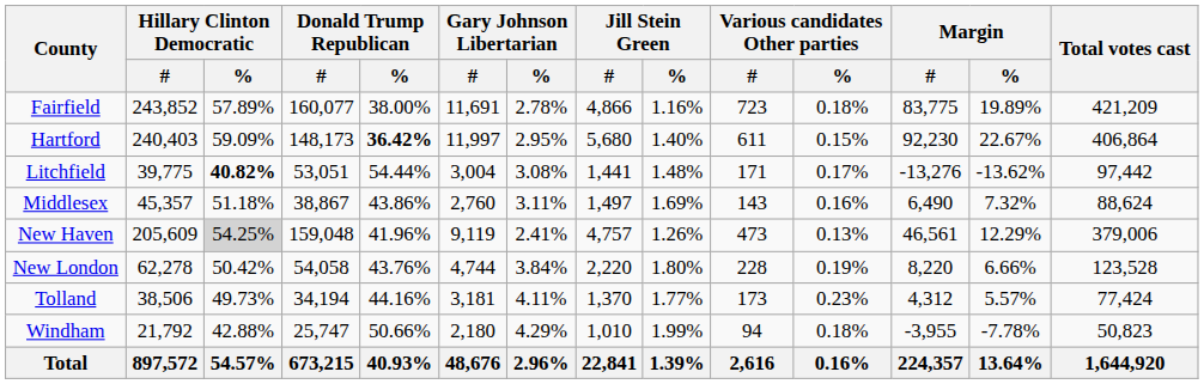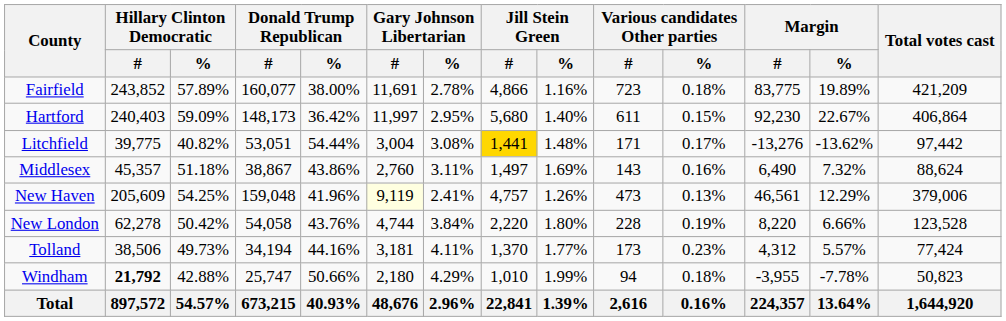 <table width="60%" class="wikitable sortable">
 <tr>
 <th rowspan="2" style="text-align:center;">County</th>
 <th style="text-align:center;" colspan="2">Hillary Clinton<br>Democratic</th>
 <th style="text-align:center;" colspan="2">Donald Trump<br>Republican</th>
 <th style="text-align:center;" colspan="2">Gary Johnson<br>Libertarian</th>
 <th style="text-align:center;" colspan="2">Jill Stein<br>Green</th>
 <th style="text-align:center;" colspan="2">Various candidates<br>Other parties</th>
 <th style="text-align:center;" colspan="2">Margin</th>
 <th style="text-align:center;" rowspan="2">Total votes cast</th>
 </tr>
 <tr>
 <th style="text-align:center;" data-sort-type="number">#</th>
 <th style="text-align:center;" data-sort-type="number">%</th>
 <th style="text-align:center;" data-sort-type="number">#</th>
 <th style="text-align:center;" data-sort-type="number">%</th>
 <th style="text-align:center;" data-sort-type="number">#</th>
 <th style="text-align:center;" data-sort-type="number">%</th>
 <th style="text-align:center;" data-sort-type="number">#</th>
 <th style="text-align:center;" data-sort-type="number">%</th>
 <th style="text-align:center;" data-sort-type="number">#</th>
 <th style="text-align:center;" data-sort-type="number">%</th>
 <th style="text-align:center;" data-sort-type="number">#</th>
 <th style="text-align:center;" data-sort-type="number">%</th>
 </tr>
 <tr style="text-align:center;">
 <td><a href='#'>Fairfield</a></td>
 <td>243,852</td>
 <td>57.89%</td>
 <td>160,077</td>
 <td>38.00%</td>
 <td>11,691</td>
 <td>2.78%</td>
 <td>4,866</td>
 <td>1.16%</td>
 <td>723</td>
 <td>0.18%</td>
 <td>83,775</td>
 <td>19.89%</td>
 <td>421,209</td>
 </tr>
 <tr style="text-align:center;">
 <td><a href='#'>Hartford</a></td>
 <td>240,403</td>
 <td>59.09%</td>
 <td>148,173</td>
-<td><strong>36.42%</strong></td>
+<td>36.42%</td>
 <td>11,997</td>
 <td>2.95%</td>
 <td>5,680</td>
 <td>1.40%</td>
 <td>611</td>
 <td>0.15%</td>
 <td>92,230</td>
 <td>22.67%</td>
 <td>406,864</td>
 </tr>
 <tr style="text-align:center;">
 <td><a href='#'>Litchfield</a></td>
 <td>39,775</td>
-<td><strong>40.82%</strong></td>
+<td>40.82%</td>
 <td>53,051</td>
 <td>54.44%</td>
 <td>3,004</td>
 <td>3.08%</td>
-<td>1,441</td>
+<td style="background: gold;">1,441</td>
 <td>1.48%</td>
 <td>171</td>
 <td>0.17%</td>
 <td>-13,276</td>
 <td>-13.62%</td>
 <td>97,442</td>
 </tr>
 <tr style="text-align:center;">
 <td><a href='#'>Middlesex</a></td>
 <td>45,357</td>
 <td>51.18%</td>
 <td>38,867</td>
 <td>43.86%</td>
 <td>2,760</td>
 <td>3.11%</td>
 <td>1,497</td>
 <td>1.69%</td>
 <td>143</td>
 <td>0.16%</td>
 <td>6,490</td>
 <td>7.32%</td>
 <td>88,624</td>
 </tr>
 <tr style="text-align:center;">
 <td><a href='#'>New Haven</a></td>
 <td>205,609</td>
-<td style="background: lightgrey;">54.25%</td>
+<td>54.25%</td>
 <td>159,048</td>
 <td>41.96%</td>
-<td>9,119</td>
+<td style="background: lightyellow;">9,119</td>
 <td>2.41%</td>
 <td>4,757</td>
 <td>1.26%</td>
 <td>473</td>
 <td>0.13%</td>
 <td>46,561</td>
 <td>12.29%</td>
 <td>379,006</td>
 </tr>
 <tr style="text-align:center;">
 <td><a href='#'>New London</a></td>
 <td>62,278</td>
 <td>50.42%</td>
 <td>54,058</td>
 <td>43.76%</td>
 <td>4,744</td>
 <td>3.84%</td>
 <td>2,220</td>
 <td>1.80%</td>
 <td>228</td>
 <td>0.19%</td>
 <td>8,220</td>
 <td>6.66%</td>
 <td>123,528</td>
 </tr>
 <tr style="text-align:center;">
 <td><a href='#'>Tolland</a></td>
 <td>38,506</td>
 <td>49.73%</td>
 <td>34,194</td>
 <td>44.16%</td>
 <td>3,181</td>
 <td>4.11%</td>
 <td>1,370</td>
 <td>1.77%</td>
 <td>173</td>
 <td>0.23%</td>
 <td>4,312</td>
 <td>5.57%</td>
 <td>77,424</td>
 </tr>
 <tr style="text-align:center;">
 <td><a href='#'>Windham</a></td>
-<td>21,792</td>
+<td><strong>21,792</strong></td>
 <td>42.88%</td>
 <td>25,747</td>
 <td>50.66%</td>
 <td>2,180</td>
 <td>4.29%</td>
 <td>1,010</td>
 <td>1.99%</td>
 <td>94</td>
 <td>0.18%</td>
 <td>-3,955</td>
 <td>-7.78%</td>
 <td>50,823</td>
 </tr>
 <tr style="text-align:center;">
 <th>Total</th>
 <th>897,572</th>
 <th>54.57%</th>
 <th>673,215</th>
 <th>40.93%</th>
 <th>48,676</th>
 <th>2.96%</th>
 <th>22,841</th>
 <th>1.39%</th>
 <th>2,616</th>
 <th>0.16%</th>
 <th>224,357</th>
 <th>13.64%</th>
 <th>1,644,920</th>
 </tr>
 </table>
